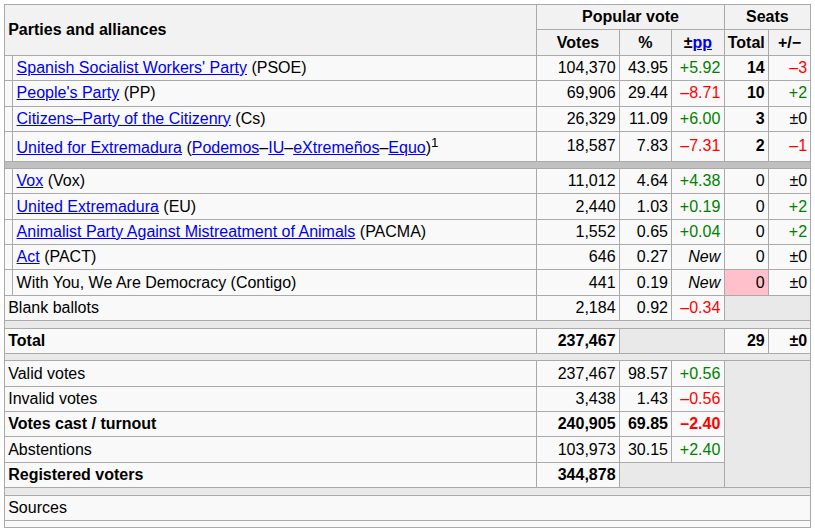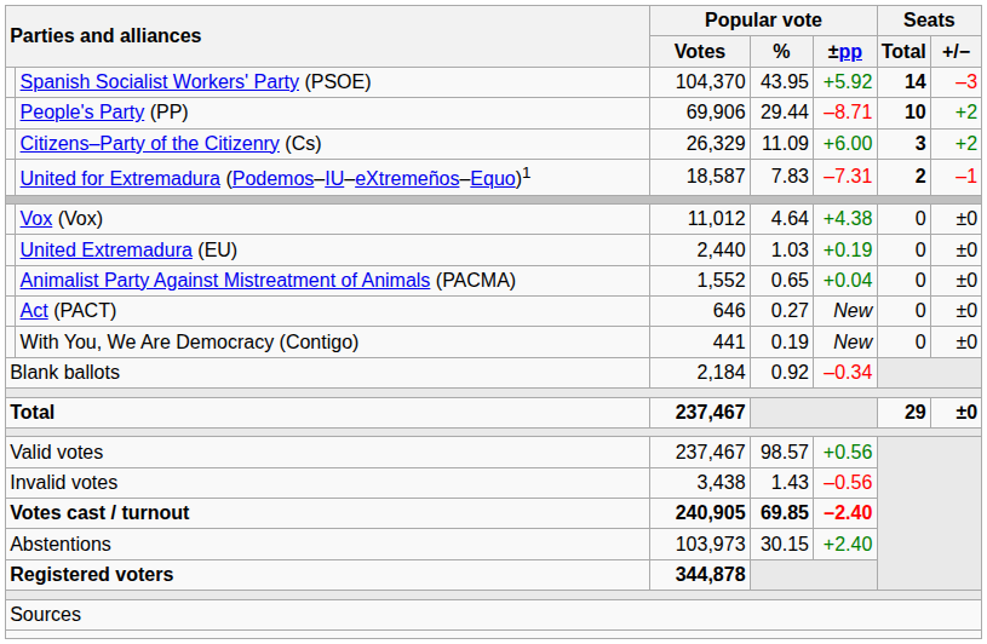 <table class="wikitable" style="text-align:right;">
 <tr>
 <th style="text-align:left;" rowspan="2" colspan="2" width="525">Parties and alliances</th>
 <th colspan="3">Popular vote</th>
 <th colspan="2">Seats</th>
 </tr>
 <tr>
 <th width="75">Votes</th>
 <th width="45">%</th>
 <th width="45">±<a href='#'>pp</a></th>
 <th width="35">Total</th>
 <th width="35">+/−</th>
 </tr>
 <tr>
 <td width="1" style="color:inherit;background:"></td>
 <td align="left"><a href='#'>Spanish Socialist Workers' Party</a> (PSOE)</td>
 <td>104,370</td>
 <td>43.95</td>
 <td style="color:green;">+5.92</td>
 <td><strong>14</strong></td>
 <td style="color:red;">–3</td>
 </tr>
 <tr>
 <td style="color:inherit;background:"></td>
 <td align="left"><a href='#'>People's Party</a> (PP)</td>
 <td>69,906</td>
 <td>29.44</td>
 <td style="color:red;">–8.71</td>
 <td><strong>10</strong></td>
 <td style="color:green;">+2</td>
 </tr>
 <tr>
 <td style="color:inherit;background:"></td>
 <td align="left"><a href='#'>Citizens–Party of the Citizenry</a> (Cs)</td>
 <td>26,329</td>
 <td>11.09</td>
 <td style="color:green;">+6.00</td>
 <td><strong>3</strong></td>
-<td>±0</td>
+<td style="color:green;">+2</td>
 </tr>
 <tr>
 <td style="color:inherit;background:"></td>
 <td align="left"><a href='#'>United for Extremadura</a> (<a href='#'>Podemos</a>–<a href='#'>IU</a>–<a href='#'>eXtremeños</a>–<a href='#'>Equo</a>)<sup>1</sup></td>
 <td>18,587</td>
 <td>7.83</td>
 <td style="color:red;">–7.31</td>
 <td><strong>2</strong></td>
 <td style="color:red;">–1</td>
 </tr>
 <tr>
 <td colspan="7" bgcolor="#C0C0C0"></td>
 </tr>
 <tr>
 <td style="color:inherit;background:"></td>
 <td align="left"><a href='#'>Vox</a> (Vox)</td>
 <td>11,012</td>
 <td>4.64</td>
 <td style="color:green;">+4.38</td>
 <td>0</td>
 <td>±0</td>
 </tr>
 <tr>
 <td style="color:inherit;background:"></td>
 <td align="left"><a href='#'>United Extremadura</a> (EU)</td>
 <td>2,440</td>
 <td>1.03</td>
 <td style="color:green;">+0.19</td>
 <td>0</td>
-<td style="color:green;">+2</td>
+<td>±0</td>
 </tr>
 <tr>
 <td style="color:inherit;background:"></td>
 <td align="left"><a href='#'>Animalist Party Against Mistreatment of Animals</a> (PACMA)</td>
 <td>1,552</td>
 <td>0.65</td>
 <td style="color:green;">+0.04</td>
 <td>0</td>
-<td style="color:green;">+2</td>
+<td>±0</td>
 </tr>
 <tr>
 <td style="color:inherit;background:"></td>
 <td align="left"><a href='#'>Act</a> (PACT)</td>
 <td>646</td>
 <td>0.27</td>
 <td><em>New</em></td>
 <td>0</td>
 <td>±0</td>
 </tr>
 <tr>
 <td style="color:inherit;background:"></td>
 <td align="left">With You, We Are Democracy (Contigo)</td>
 <td>441</td>
 <td>0.19</td>
 <td><em>New</em></td>
-<td style="background: pink;">0</td>
+<td>0</td>
 <td>±0</td>
 </tr>
 <tr>
 <td align="left" colspan="2">Blank ballots</td>
 <td>2,184</td>
 <td>0.92</td>
 <td style="color:red;">–0.34</td>
 <td bgcolor="#E9E9E9" colspan="2"></td>
 </tr>
 <tr>
 <td colspan="7" bgcolor="#E9E9E9"></td>
 </tr>
 <tr style="font-weight:bold;">
 <td align="left" colspan="2">Total</td>
 <td>237,467</td>
 <td bgcolor="#E9E9E9" colspan="2"></td>
 <td>29</td>
 <td>±0</td>
 </tr>
 <tr>
 <td colspan="7" bgcolor="#E9E9E9"></td>
 </tr>
 <tr>
 <td align="left" colspan="2">Valid votes</td>
 <td>237,467</td>
 <td>98.57</td>
 <td style="color:green;">+0.56</td>
 <td bgcolor="#E9E9E9" colspan="2" rowspan="5"></td>
 </tr>
 <tr>
 <td align="left" colspan="2">Invalid votes</td>
 <td>3,438</td>
 <td>1.43</td>
 <td style="color:red;">–0.56</td>
 </tr>
 <tr style="font-weight:bold;">
 <td align="left" colspan="2">Votes cast / turnout</td>
 <td>240,905</td>
 <td>69.85</td>
 <td style="color:red;">–2.40</td>
 </tr>
 <tr>
 <td align="left" colspan="2">Abstentions</td>
 <td>103,973</td>
 <td>30.15</td>
 <td style="color:green;">+2.40</td>
 </tr>
 <tr style="font-weight:bold;">
 <td align="left" colspan="2">Registered voters</td>
 <td>344,878</td>
 <td bgcolor="#E9E9E9" colspan="2"></td>
 </tr>
 <tr>
 <td colspan="7" bgcolor="#E9E9E9"></td>
 </tr>
 <tr>
 <td align="left" colspan="7">Sources</td>
 </tr>
 <tr>
 <td colspan="7" style="text-align:left; max-width:790px;"></td>
 </tr>
 </table>
